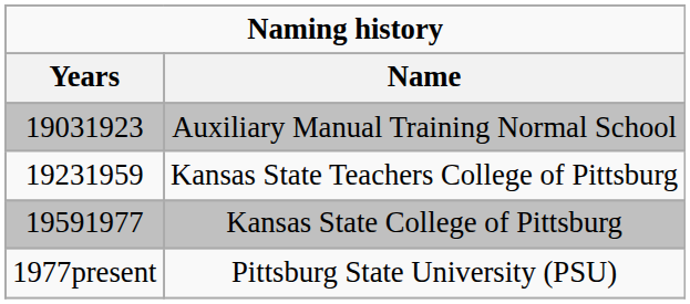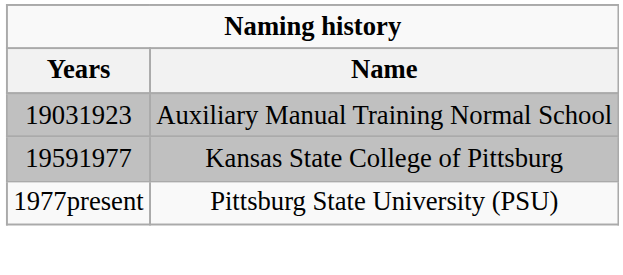 <table class="wikitable" style="float:right; font-size:85%; clear:left; margin:0 0 1em 1em;">
 <tr>
 <td colspan="2" style="text-align:center; font-size:100%; "><strong>Naming history</strong></td>
 </tr>
 <tr>
 <th>Years</th>
 <th>Name</th>
 </tr>
 <tr style="text-align:center; background:silver;">
 <td>19031923</td>
 <td>Auxiliary Manual Training Normal School</td>
 </tr>
-<tr style="text-align:center;">
-<td>19231959</td>
-<td>Kansas State Teachers College of Pittsburg</td>
-</tr>
 <tr style="text-align:center; background:silver;">
 <td>19591977</td>
 <td>Kansas State College of Pittsburg</td>
 </tr>
 <tr style="text-align:center;">
 <td>1977present</td>
 <td>Pittsburg State University (PSU)</td>
 </tr>
 </table>
